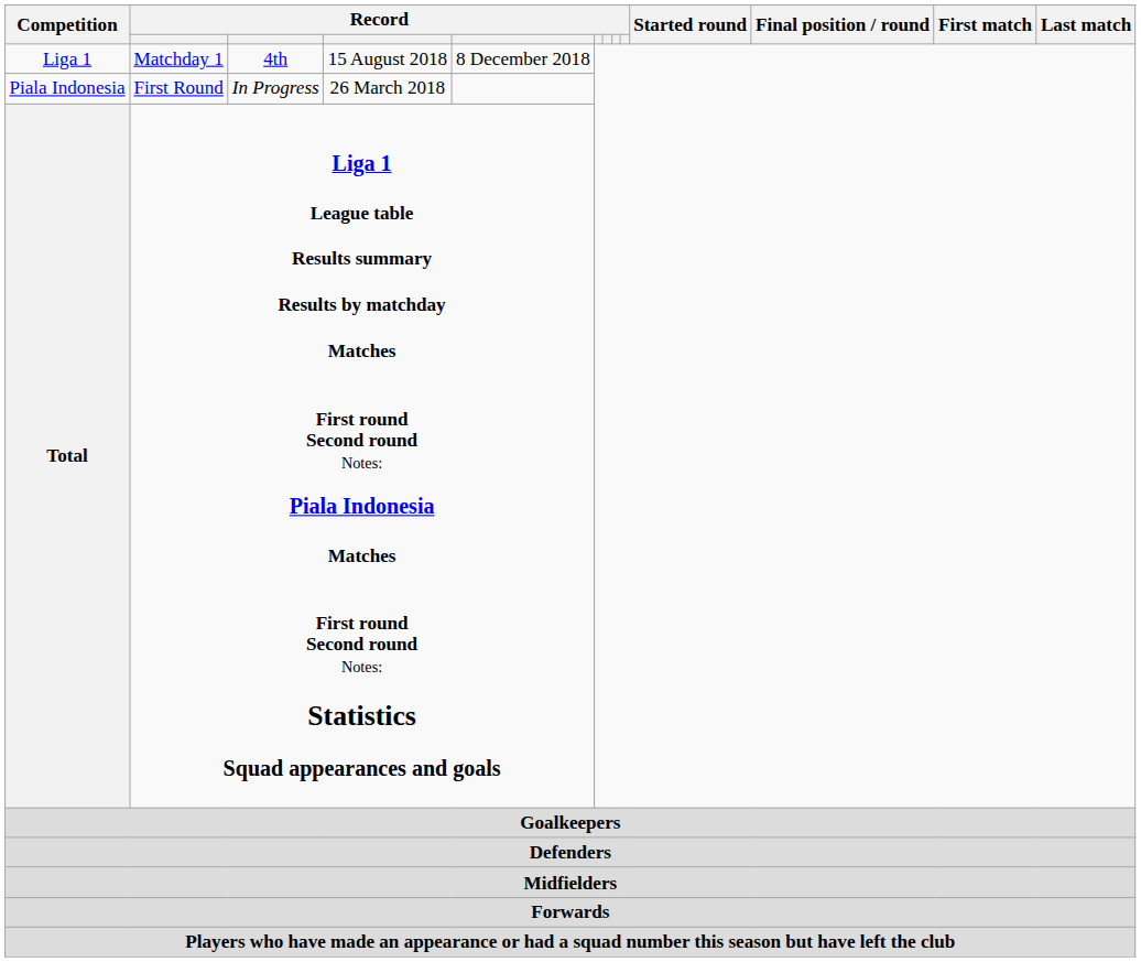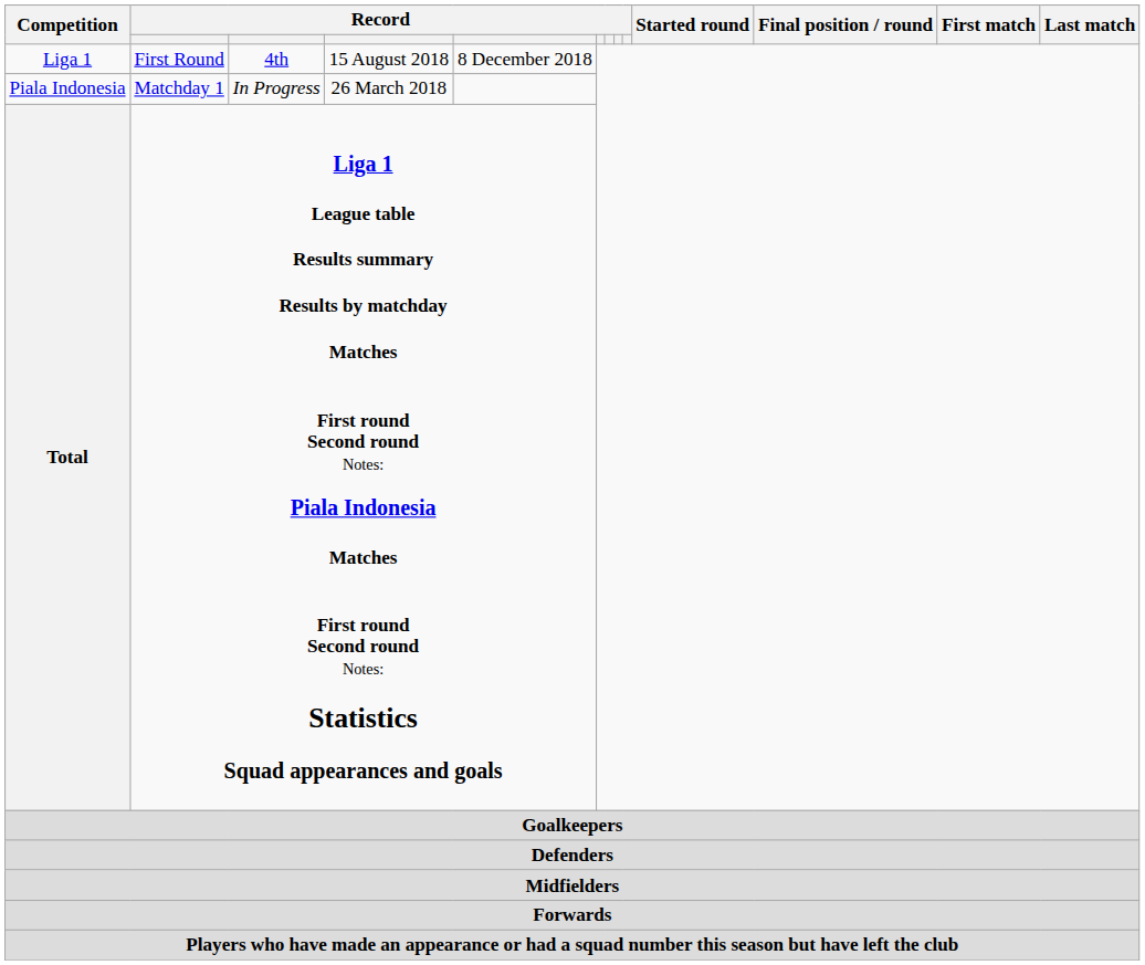 <table class="wikitable" style="text-align: center">
 <tr>
 <th rowspan=2>Competition</th>
 <th colspan=8>Record</th>
 <th rowspan=2>Started round</th>
 <th rowspan=2>Final position / round</th>
 <th rowspan=2>First match</th>
 <th rowspan=2>Last match</th>
 </tr>
 <tr>
 <th></th>
 <th></th>
 <th></th>
 <th></th>
 <th></th>
 <th></th>
 <th></th>
 <th></th>
 </tr>
 <tr>
 <td><a href='#'>Liga 1</a><br></td>
-<td><a href='#'>Matchday 1</a></td>
+<td><a href='#'>First Round</a></td>
 <td><a href='#'>4th</a></td>
 <td>15 August 2018</td>
 <td>8 December 2018</td>
 </tr>
 <tr>
 <td><a href='#'>Piala Indonesia</a><br></td>
-<td><a href='#'>First Round</a></td>
+<td><a href='#'>Matchday 1</a></td>
 <td><em>In Progress</em></td>
 <td>26 March 2018</td>
 <td></td>
 </tr>
 <tr>
 <th>Total<br></th>
 <td colspan=4><br><h3><a href='#'>Liga 1</a></h3><h4>League table</h4><h4>Results summary</h4> <h4>Results by matchday</h4><h4>Matches</h4>  <br><strong>First round</strong>                  <br><strong>Second round</strong>                 <br><small>Notes:</small><br><h3><a href='#'>Piala Indonesia</a></h3><h4>Matches</h4>  <br><strong>First round</strong> <br><strong>Second round</strong> <br><small>Notes:</small><br><h2>Statistics</h2><h3>Squad appearances and goals</h3></td>
 </tr>
 <tr>
 <th colspan=14 style=background:#dcdcdc; text-align:center>Goalkeepers<br>  </th>
 </tr>
 <tr>
 <th colspan=14 style=background:#dcdcdc; text-align:center>Defenders<br>        </th>
 </tr>
 <tr>
 <th colspan=14 style=background:#dcdcdc; text-align:center>Midfielders<br>          </th>
 </tr>
 <tr>
 <th colspan=14 style=background:#dcdcdc; text-align:center>Forwards<br>      </th>
 </tr>
 <tr>
 <th colspan=14 style=background:#dcdcdc; text-align:center>Players who have made an appearance or had a squad number this season but have left the club<br>   </th>
 </tr>
 <tr>
 </tr>
 </table>
